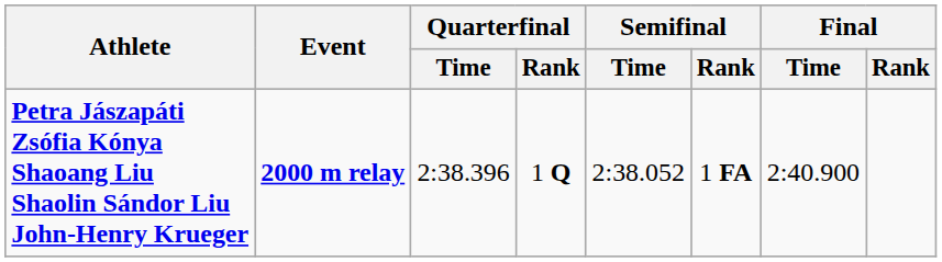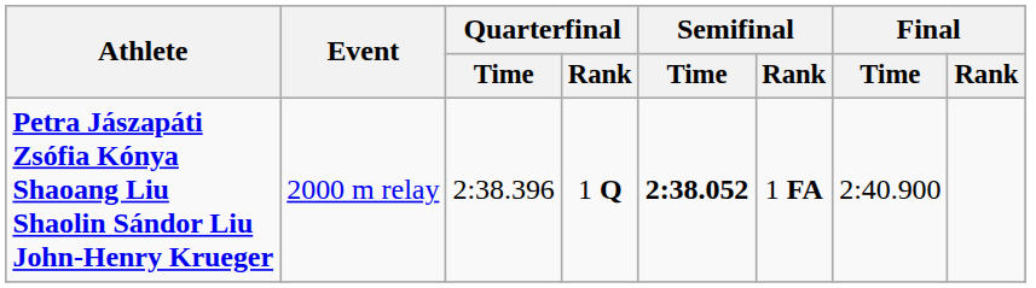 <table class=wikitable style=font-size:90%;text-align:center>
 <tr>
 <th rowspan=2>Athlete</th>
 <th rowspan=2>Event</th>
 <th colspan=2>Quarterfinal</th>
 <th colspan=2>Semifinal</th>
 <th colspan=2>Final</th>
 </tr>
 <tr style=font-size:95%>
 <th>Time</th>
 <th>Rank</th>
 <th>Time</th>
 <th>Rank</th>
 <th>Time</th>
 <th>Rank</th>
 </tr>
 <tr>
 <td align=left><strong><a href='#'>Petra Jászapáti</a><br><a href='#'>Zsófia Kónya</a><br><a href='#'>Shaoang Liu</a><br><a href='#'>Shaolin Sándor Liu</a><br><a href='#'>John-Henry Krueger</a></strong></td>
-<td align=left><strong><a href='#'>2000 m relay</a></strong></td>
+<td align=left><a href='#'>2000 m relay</a></td>
 <td>2:38.396</td>
 <td>1 <strong>Q</strong></td>
-<td>2:38.052</td>
+<td><strong>2:38.052</strong></td>
 <td>1 <strong>FA</strong></td>
 <td>2:40.900</td>
 <td></td>
 </tr>
 </table>
